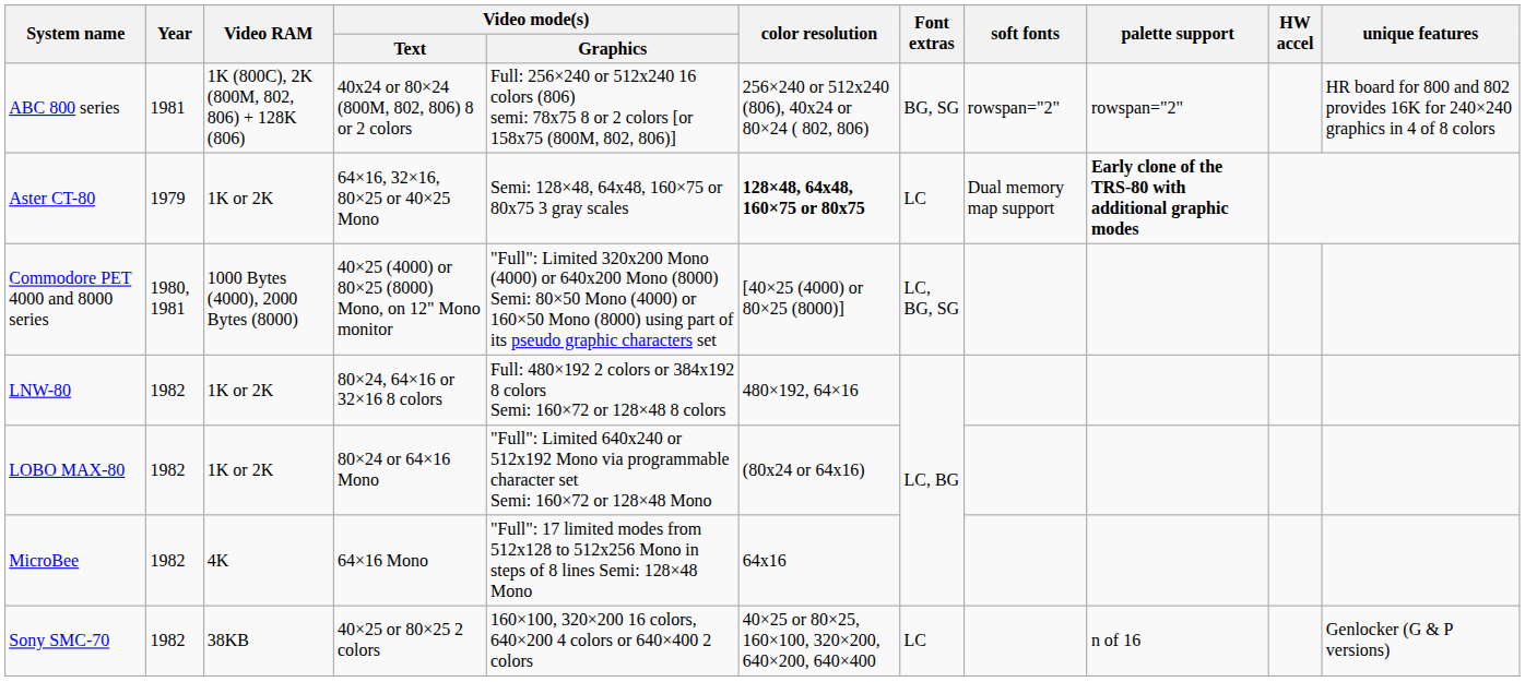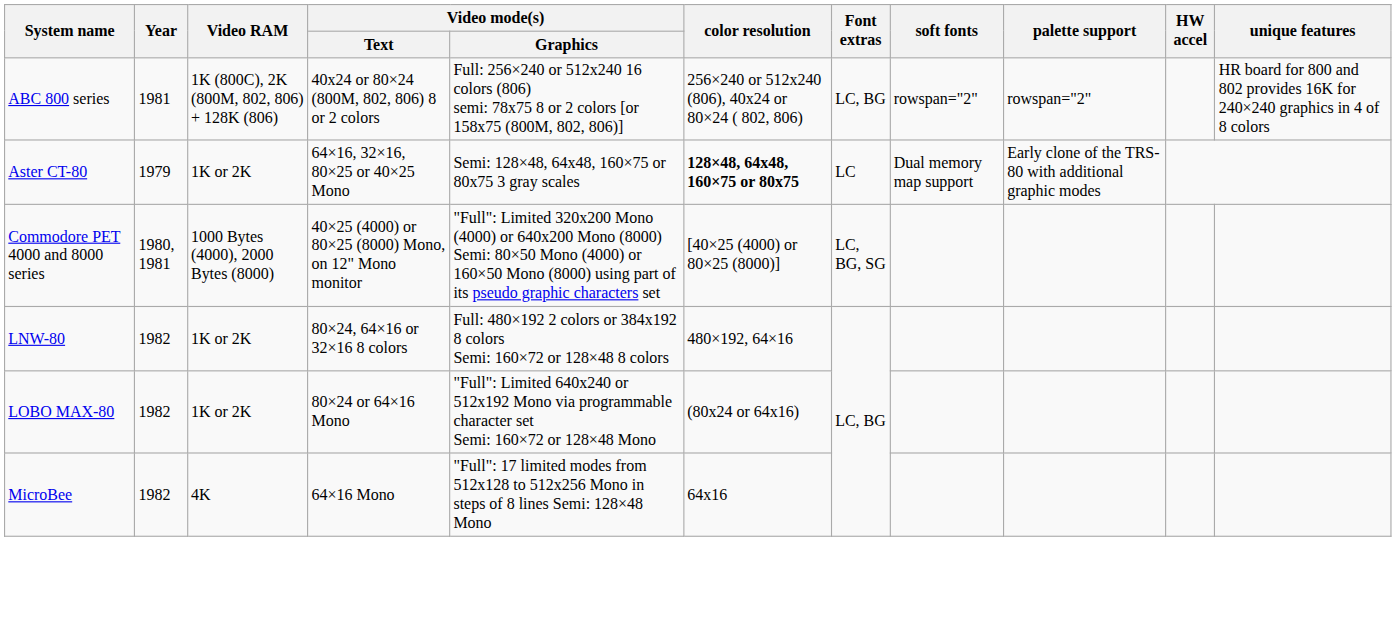 <table class="wikitable sortable sort-under" style="font-size: 90%;">
 <tr>
 <th rowspan="2">System name</th>
 <th rowspan="2">Year</th>
 <th rowspan="2">Video RAM</th>
 <th colspan="2">Video mode(s)</th>
 <th rowspan="2">color resolution</th>
 <th rowspan="2">Font extras</th>
 <th rowspan="2">soft fonts</th>
 <th rowspan="2">palette support</th>
 <th rowspan="2">HW accel</th>
 <th rowspan="2">unique features</th>
 </tr>
 <tr>
 <th>Text</th>
 <th>Graphics</th>
 </tr>
 <tr>
 <td><a href='#'>ABC 800</a> series</td>
 <td>1981</td>
 <td>1K (800C), 2K (800M, 802, 806) + 128K (806)</td>
 <td>40x24 or 80×24 (800M, 802, 806) 8 or 2 colors</td>
 <td>Full: 256×240 or 512x240 16 colors (806)<br>semi: 78x75 8 or 2 colors [or 158x75 (800M, 802, 806)]</td>
 <td>256×240 or 512x240 (806), 40x24 or 80×24 ( 802, 806)</td>
-<td>BG, SG</td>
+<td>LC, BG</td>
 <td>rowspan="2" </td>
 <td>rowspan="2" </td>
 <td></td>
 <td>HR board for 800 and 802 provides 16K for 240×240 graphics in 4 of 8 colors</td>
 </tr>
 <tr>
 <td><a href='#'>Aster CT-80</a></td>
 <td>1979</td>
 <td>1K or 2K</td>
 <td>64×16, 32×16, 80×25 or 40×25 Mono</td>
 <td>Semi: 128×48, 64x48, 160×75 or 80x75 3 gray scales</td>
 <td><strong>128×48, 64x48, 160×75 or 80x75</strong></td>
 <td>LC</td>
 <td>Dual memory map support</td>
-<td><strong>Early clone of the TRS-80 with additional graphic modes</strong></td>
+<td>Early clone of the TRS-80 with additional graphic modes</td>
 </tr>
 <tr>
 <td><a href='#'>Commodore PET</a> 4000 and 8000 series</td>
 <td>1980, 1981</td>
 <td>1000 Bytes (4000), 2000 Bytes (8000)</td>
 <td>40×25 (4000) or 80×25 (8000) Mono, on 12" Mono monitor</td>
 <td>"Full": Limited 320x200 Mono (4000) or 640x200 Mono (8000)<br>Semi: 80×50 Mono (4000) or 160×50 Mono (8000) using part of its <a href='#'>pseudo graphic characters</a> set</td>
 <td>[40×25 (4000) or 80×25 (8000)]</td>
 <td>LC, BG, SG</td>
 <td></td>
 <td></td>
 <td></td>
 <td></td>
 </tr>
 <tr>
 <td><a href='#'>LNW-80</a></td>
 <td>1982</td>
 <td>1K or 2K</td>
 <td>80×24, 64×16 or 32×16 8 colors</td>
 <td>Full: 480×192 2 colors or 384x192 8 colors<br>Semi: 160×72 or 128×48 8 colors</td>
 <td>480×192, 64×16</td>
 <td rowspan="3">LC, BG</td>
 <td></td>
 <td></td>
 <td></td>
 <td></td>
 </tr>
 <tr>
 <td><a href='#'>LOBO MAX-80</a></td>
 <td>1982</td>
 <td>1K or 2K</td>
 <td>80×24 or 64×16 Mono</td>
 <td>"Full": Limited 640x240 or 512x192 Mono via programmable character set<br>Semi: 160×72 or 128×48 Mono</td>
 <td>(80x24 or 64x16)</td>
 <td></td>
 <td></td>
 <td></td>
 <td></td>
 </tr>
 <tr>
 <td><a href='#'>MicroBee</a></td>
 <td>1982</td>
 <td>4K</td>
 <td>64×16 Mono</td>
 <td>"Full": 17 limited modes from 512x128 to 512x256 Mono in steps of 8 lines Semi: 128×48 Mono</td>
 <td>64x16</td>
 <td></td>
 <td></td>
 <td></td>
 <td></td>
 </tr>
-<tr>
-<td><a href='#'>Sony SMC-70</a></td>
-<td>1982</td>
-<td>38KB</td>
-<td>40×25 or 80×25 2 colors</td>
-<td>160×100, 320×200 16 colors, 640×200 4 colors or 640×400 2 colors</td>
-<td>40×25 or 80×25, 160×100, 320×200, 640×200, 640×400</td>
-<td>LC</td>
-<td></td>
-<td>n of 16</td>
-<td></td>
-<td>Genlocker (G & P versions)</td>
-</tr>
 </table>
